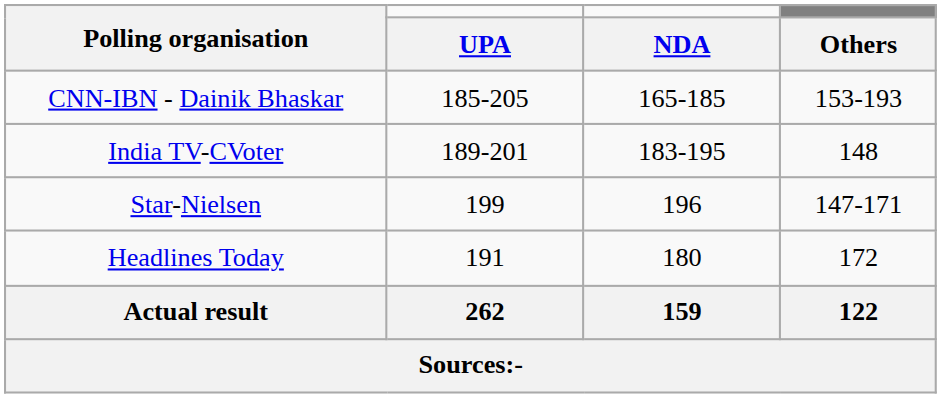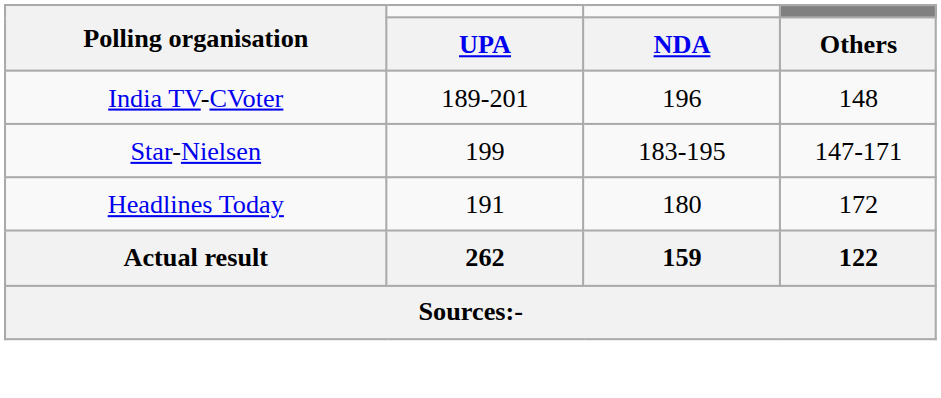 <table class=wikitable style="text-align:center;font-size:80%;line-height:20px;">
 <tr>
 <th class="wikitable" rowspan="2" style="width:180px;">Polling organisation</th>
 <td></td>
 <td></td>
 <td style="background:gray;"></td>
 </tr>
 <tr>
 <th class="wikitable" style="width:90px;"><a href='#'>UPA</a></th>
 <th class="wikitable" style="width:90px;"><a href='#'>NDA</a></th>
 <th class="wikitable" style="width:70px;">Others</th>
 </tr>
 <tr>
-<td><a href='#'>CNN-IBN</a> - <a href='#'>Dainik Bhaskar</a></td>
-<td>185-205</td>
-<td>165-185</td>
-<td>153-193</td>
-</tr>
-<tr>
 <td><a href='#'>India TV</a>-<a href='#'>CVoter</a></td>
 <td>189-201</td>
-<td>183-195</td>
+<td>196</td>
 <td>148</td>
 </tr>
 <tr>
 <td><a href='#'>Star</a>-<a href='#'>Nielsen</a></td>
 <td>199</td>
-<td>196</td>
+<td>183-195</td>
 <td>147-171</td>
 </tr>
 <tr>
 <td><a href='#'>Headlines Today</a></td>
 <td>191</td>
 <td>180</td>
 <td>172</td>
 </tr>
 <tr>
 <th>Actual result</th>
 <th>262</th>
 <th>159</th>
 <th>122</th>
 </tr>
 <tr>
 <th colspan="4">Sources:-</th>
 </tr>
 </table>
